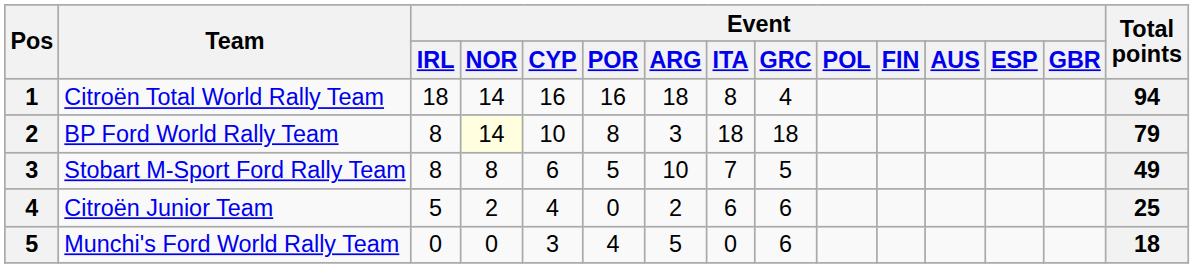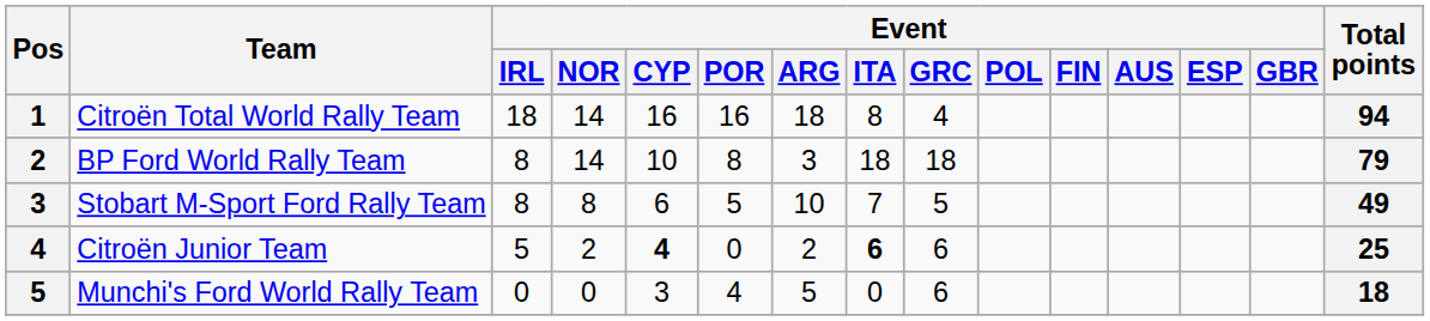 <table class="wikitable" style="text-align:center; font-size:85%;">
 <tr>
 <th rowspan=2>Pos</th>
 <th rowspan=2>Team</th>
 <th colspan=12>Event</th>
 <th rowspan=2>Total<br>points</th>
 </tr>
 <tr valign="top">
 <th><a href='#'>IRL</a><br></th>
 <th><a href='#'>NOR</a><br></th>
 <th><a href='#'>CYP</a><br></th>
 <th><a href='#'>POR</a><br></th>
 <th><a href='#'>ARG</a><br></th>
 <th><a href='#'>ITA</a><br></th>
 <th><a href='#'>GRC</a><br></th>
 <th><a href='#'>POL</a><br></th>
 <th><a href='#'>FIN</a><br></th>
 <th><a href='#'>AUS</a><br></th>
 <th><a href='#'>ESP</a><br></th>
 <th><a href='#'>GBR</a><br></th>
 </tr>
 <tr>
 <th>1</th>
 <td align="left"> <a href='#'>Citroën Total World Rally Team</a></td>
 <td>18</td>
 <td>14</td>
 <td>16</td>
 <td>16</td>
 <td>18</td>
 <td>8</td>
 <td>4</td>
 <td></td>
 <td></td>
 <td></td>
 <td></td>
 <td></td>
 <th>94</th>
 </tr>
 <tr>
 <th>2</th>
 <td align="left"> <a href='#'>BP Ford World Rally Team</a></td>
 <td>8</td>
-<td style="background: lightyellow;">14</td>
+<td>14</td>
 <td>10</td>
 <td>8</td>
 <td>3</td>
 <td>18</td>
 <td>18</td>
 <td></td>
 <td></td>
 <td></td>
 <td></td>
 <td></td>
 <th>79</th>
 </tr>
 <tr>
 <th>3</th>
 <td align="left"> <a href='#'>Stobart M-Sport Ford Rally Team</a></td>
 <td>8</td>
 <td>8</td>
 <td>6</td>
 <td>5</td>
 <td>10</td>
 <td>7</td>
 <td>5</td>
 <td></td>
 <td></td>
 <td></td>
 <td></td>
 <td></td>
 <th>49</th>
 </tr>
 <tr>
 <th>4</th>
 <td align="left"> <a href='#'>Citroën Junior Team</a></td>
 <td>5</td>
 <td>2</td>
-<td>4</td>
+<td><strong>4</strong></td>
 <td>0</td>
 <td>2</td>
-<td>6</td>
+<td><strong>6</strong></td>
 <td>6</td>
 <td></td>
 <td></td>
 <td></td>
 <td></td>
 <td></td>
 <th>25</th>
 </tr>
 <tr>
 <th>5</th>
 <td align="left"> <a href='#'>Munchi's Ford World Rally Team</a></td>
 <td>0</td>
 <td>0</td>
 <td>3</td>
 <td>4</td>
 <td>5</td>
 <td>0</td>
 <td>6</td>
 <td></td>
 <td></td>
 <td></td>
 <td></td>
 <td></td>
 <th>18</th>
 </tr>
 </table>
